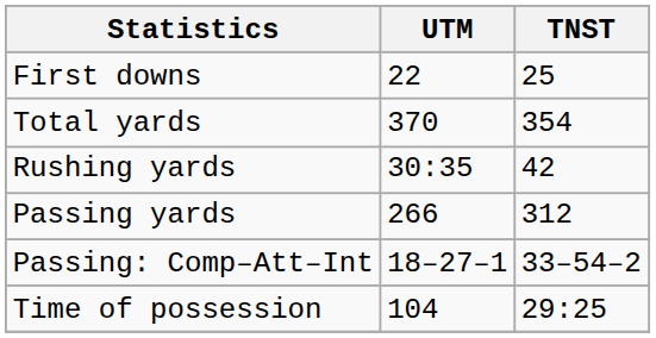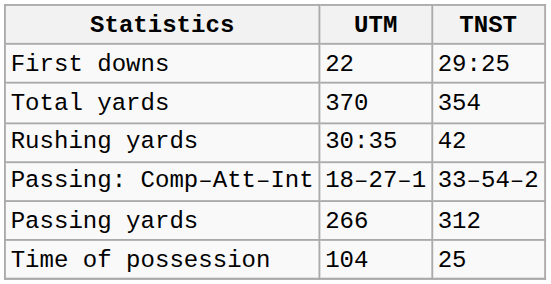 <table class="wikitable" style="float: left;">
 <tr>
 <th>Statistics</th>
 <th>UTM</th>
 <th>TNST</th>
 </tr>
 <tr>
 <td>First downs</td>
 <td>22</td>
-<td>25</td>
+<td>29:25</td>
 </tr>
 <tr>
 <td>Total yards</td>
 <td>370</td>
 <td>354</td>
 </tr>
 <tr>
 <td>Rushing yards</td>
 <td>30:35</td>
 <td>42</td>
 </tr>
 <tr>
+<td>Passing: Comp–Att–Int</td>
+<td>18–27–1</td>
+<td>33–54–2</td>
+</tr>
+<tr>
 <td>Passing yards</td>
 <td>266</td>
 <td>312</td>
 </tr>
 <tr>
-<td>Passing: Comp–Att–Int</td>
-<td>18–27–1</td>
-<td>33–54–2</td>
-</tr>
-<tr>
 <td>Time of possession</td>
 <td>104</td>
-<td>29:25</td>
+<td>25</td>
 </tr>
 <tr>
 </tr>
 </table>
